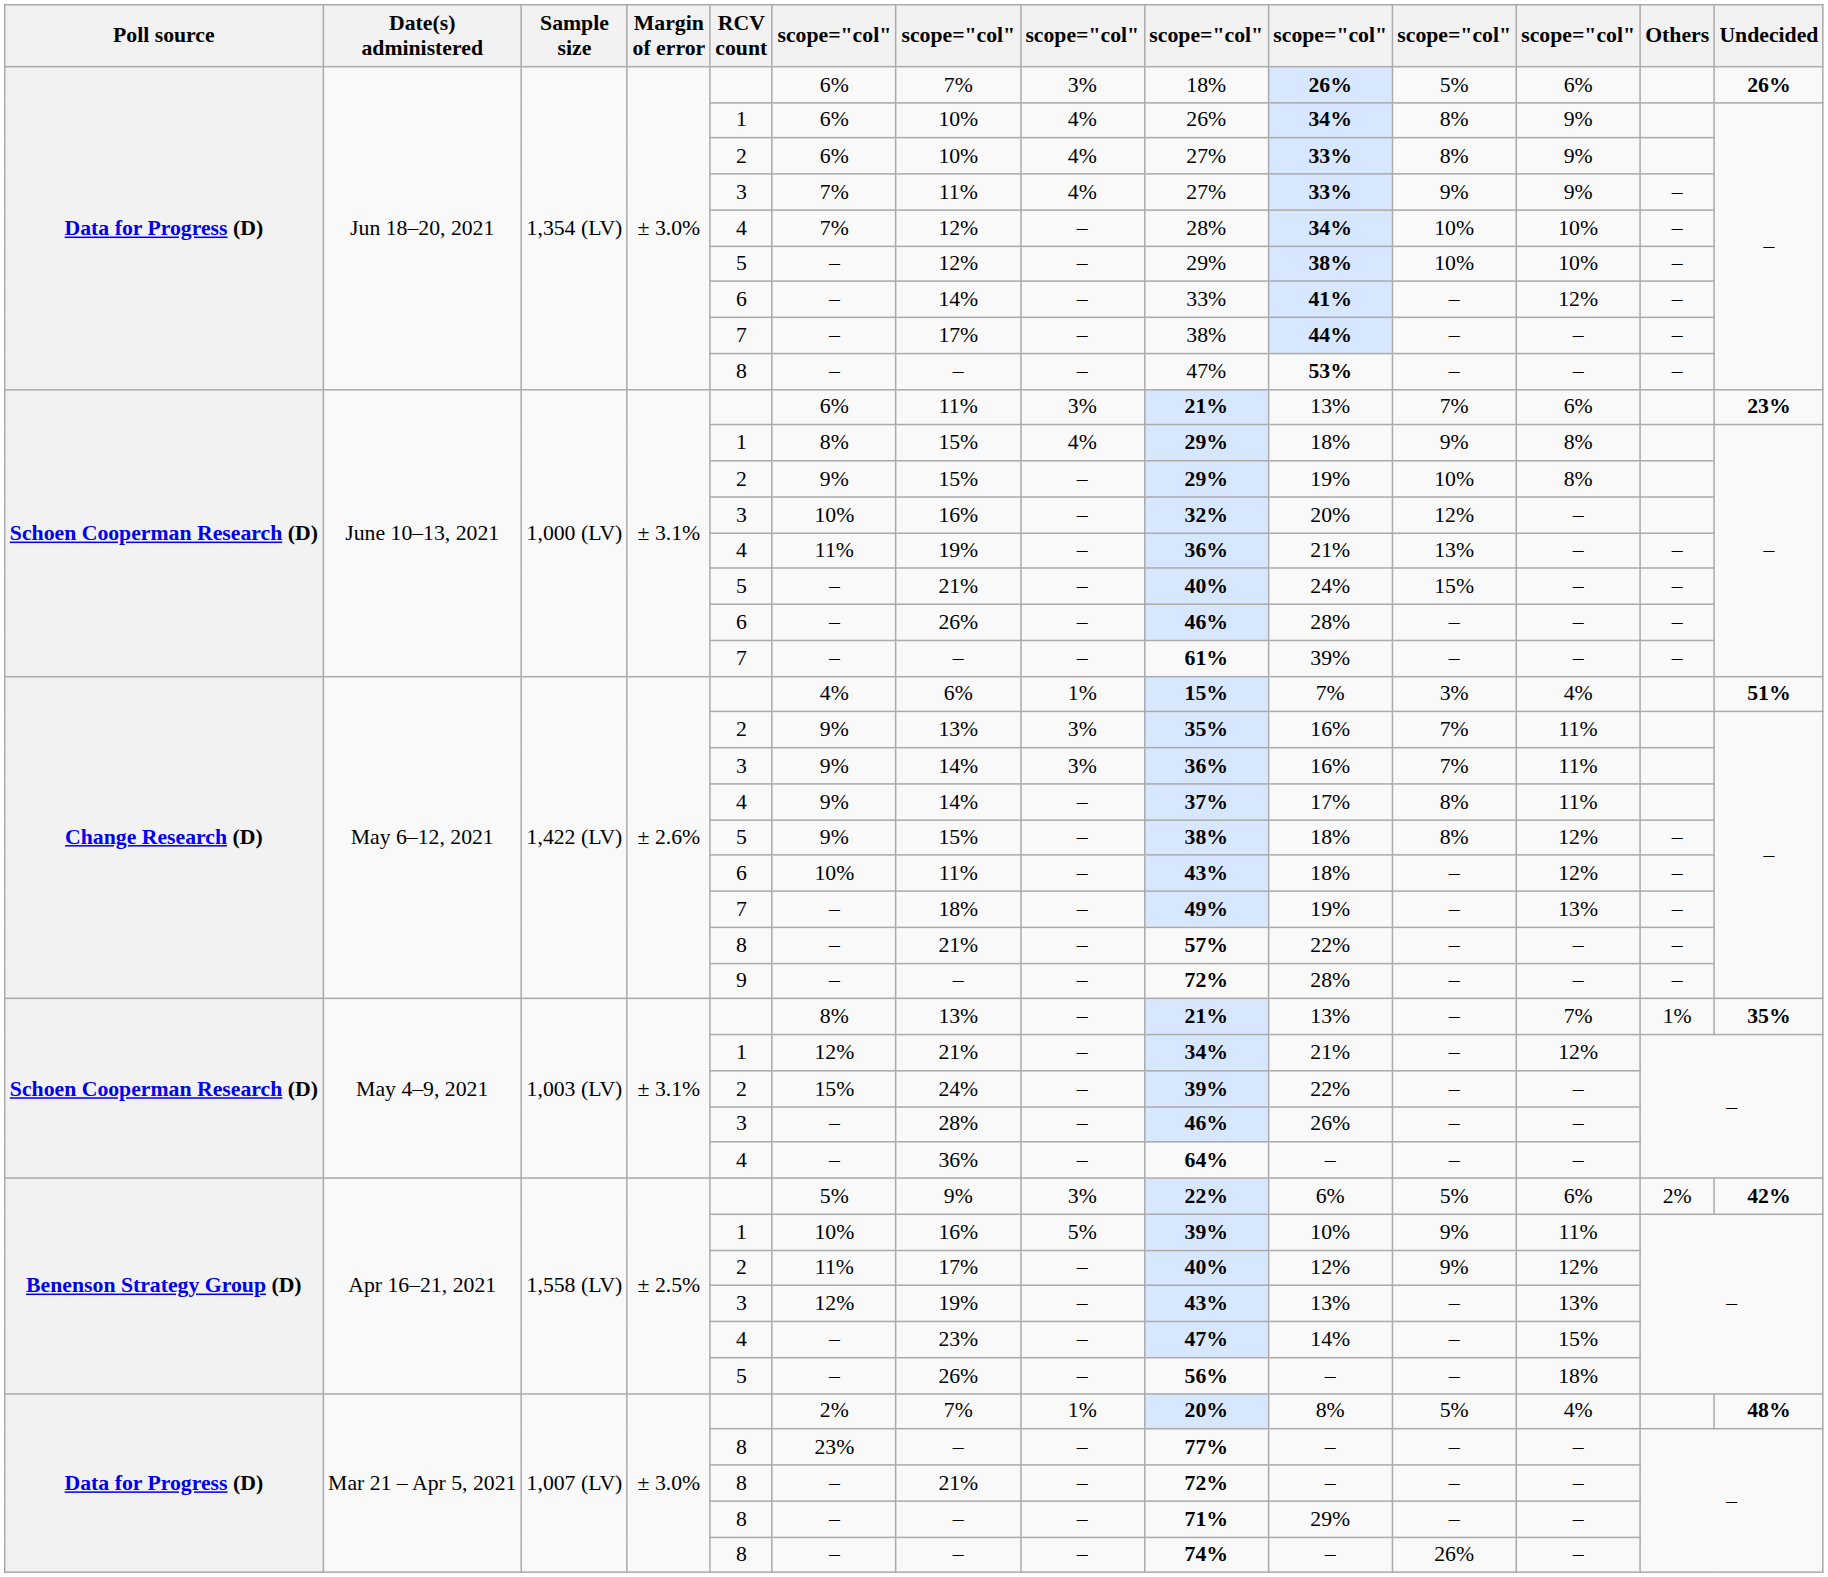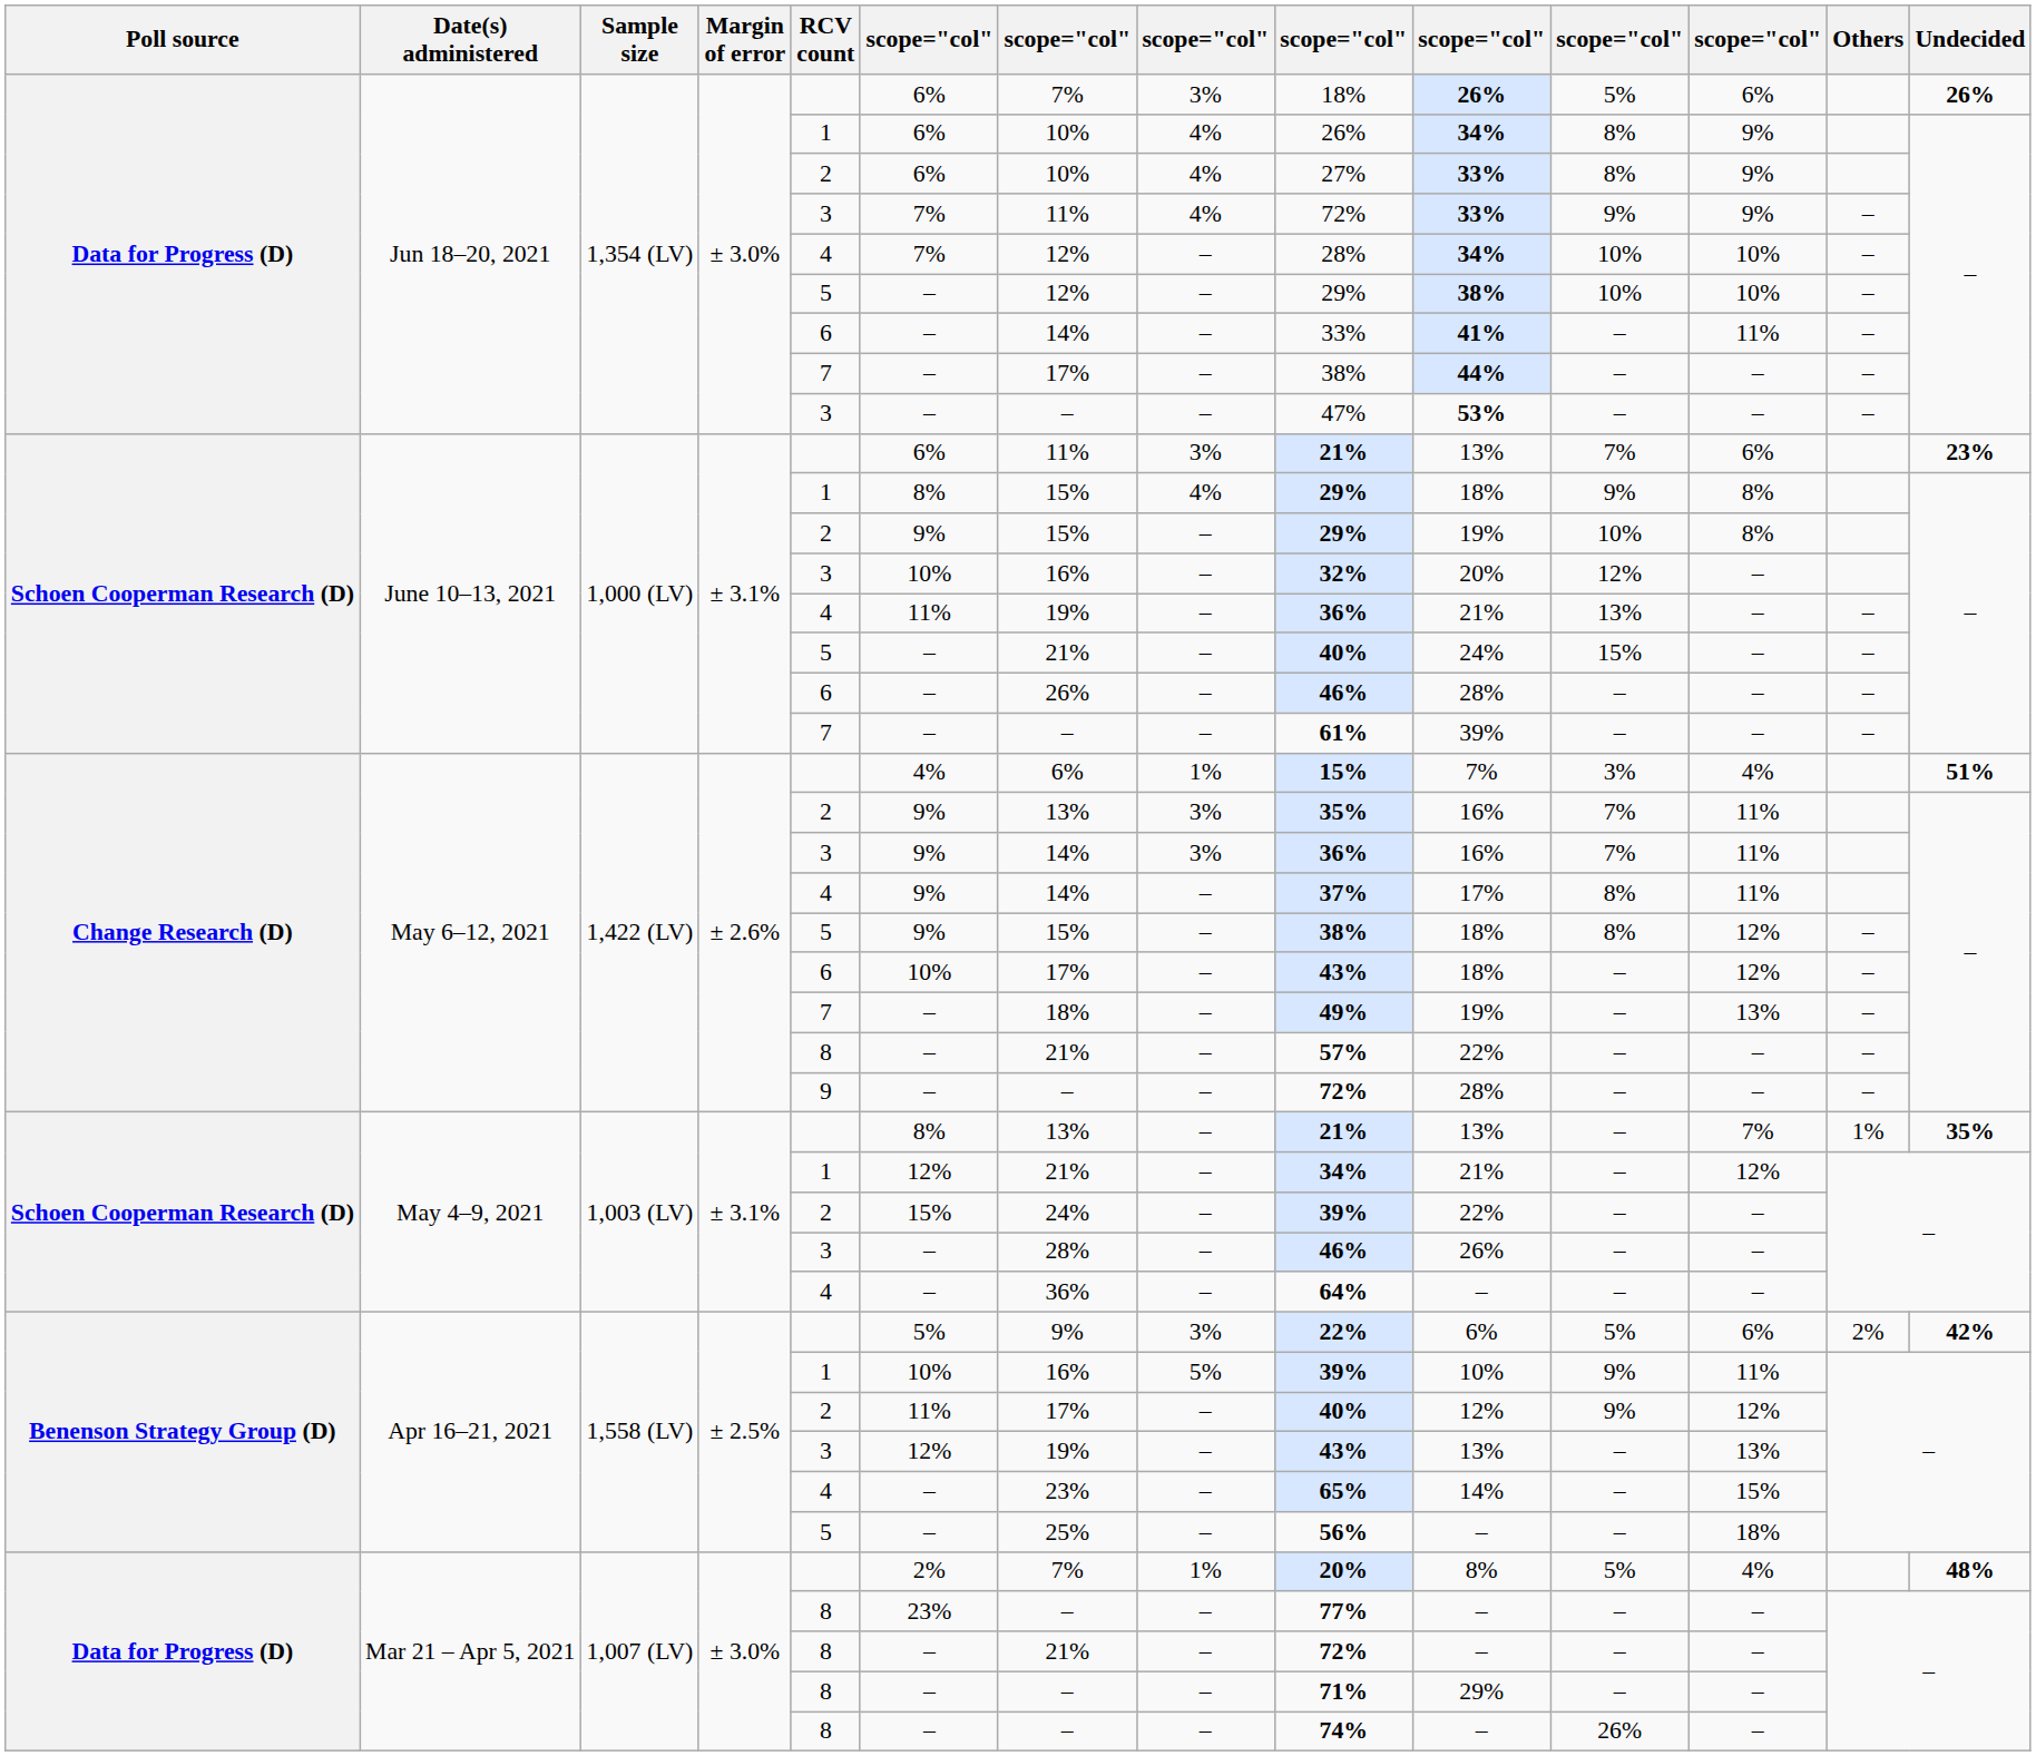 <table class="wikitable plainrowheaders" style="text-align:center; font-size:90%;">
 <tr>
 <th scope="col">Poll source</th>
 <th scope="col">Date(s)<br>administered</th>
 <th scope="col">Sample<br>size</th>
 <th scope="col">Margin<br>of error</th>
 <th scope="col">RCV<br>count</th>
 <th>scope="col" </th>
 <th>scope="col" </th>
 <th>scope="col" </th>
 <th>scope="col" </th>
 <th>scope="col" </th>
 <th>scope="col" </th>
 <th>scope="col" </th>
 <th scope="col">Others</th>
 <th scope="col">Undecided</th>
 </tr>
 <tr>
 <th scope="row" rowspan="9"><a href='#'>Data for Progress</a> (D)</th>
 <td rowspan="9">Jun 18–20, 2021</td>
 <td rowspan="9">1,354 (LV)</td>
 <td rowspan="9">± 3.0%</td>
 <td></td>
 <td>6%</td>
 <td>7%</td>
 <td>3%</td>
 <td>18%</td>
 <td style="background:#d7e7ff"><strong>26%</strong></td>
 <td>5%</td>
 <td>6%</td>
 <td></td>
 <td><strong>26%</strong></td>
 </tr>
 <tr>
 <td>1</td>
 <td>6%</td>
 <td>10%</td>
 <td>4%</td>
 <td>26%</td>
 <td style="background:#d7e7ff"><strong>34%</strong></td>
 <td>8%</td>
 <td>9%</td>
 <td></td>
 <td rowspan="8">–</td>
 </tr>
 <tr>
 <td>2</td>
 <td>6%</td>
 <td>10%</td>
 <td>4%</td>
 <td>27%</td>
 <td style="background:#d7e7ff"><strong>33%</strong></td>
 <td>8%</td>
 <td>9%</td>
 <td></td>
 </tr>
 <tr>
 <td>3</td>
 <td>7%</td>
 <td>11%</td>
 <td>4%</td>
-<td>27%</td>
+<td>72%</td>
 <td style="background:#d7e7ff"><strong>33%</strong></td>
 <td>9%</td>
 <td>9%</td>
 <td>–</td>
 </tr>
 <tr>
 <td>4</td>
 <td>7%</td>
 <td>12%</td>
 <td>–</td>
 <td>28%</td>
 <td style="background:#d7e7ff"><strong>34%</strong></td>
 <td>10%</td>
 <td>10%</td>
 <td>–</td>
 </tr>
 <tr>
 <td>5</td>
 <td>–</td>
 <td>12%</td>
 <td>–</td>
 <td>29%</td>
 <td style="background:#d7e7ff"><strong>38%</strong></td>
 <td>10%</td>
 <td>10%</td>
 <td>–</td>
 </tr>
 <tr>
 <td>6</td>
 <td>–</td>
 <td>14%</td>
 <td>–</td>
 <td>33%</td>
 <td style="background:#d7e7ff"><strong>41%</strong></td>
 <td>–</td>
-<td>12%</td>
+<td>11%</td>
 <td>–</td>
 </tr>
 <tr>
 <td>7</td>
 <td>–</td>
 <td>17%</td>
 <td>–</td>
 <td>38%</td>
 <td style="background:#d7e7ff"><strong>44%</strong></td>
 <td>–</td>
 <td>–</td>
 <td>–</td>
 </tr>
 <tr>
-<td>8</td>
+<td>3</td>
 <td>–</td>
 <td>–</td>
 <td>–</td>
 <td>47%</td>
 <td><strong>53%</strong></td>
 <td>–</td>
 <td>–</td>
 <td>–</td>
 </tr>
 <tr>
 <th scope="row" rowspan="8"><a href='#'>Schoen Cooperman Research</a> (D)</th>
 <td rowspan="8">June 10–13, 2021</td>
 <td rowspan="8">1,000 (LV)</td>
 <td rowspan="8">± 3.1%</td>
 <td></td>
 <td>6%</td>
 <td>11%</td>
 <td>3%</td>
 <td style="background:#d7e7ff"><strong>21%</strong></td>
 <td>13%</td>
 <td>7%</td>
 <td>6%</td>
 <td></td>
 <td><strong>23%</strong></td>
 </tr>
 <tr>
 <td>1</td>
 <td>8%</td>
 <td>15%</td>
 <td>4%</td>
 <td style="background:#d7e7ff"><strong>29%</strong></td>
 <td>18%</td>
 <td>9%</td>
 <td>8%</td>
 <td></td>
 <td rowspan="7">–</td>
 </tr>
 <tr>
 <td>2</td>
 <td>9%</td>
 <td>15%</td>
 <td>–</td>
 <td style="background:#d7e7ff"><strong>29%</strong></td>
 <td>19%</td>
 <td>10%</td>
 <td>8%</td>
 <td></td>
 </tr>
 <tr>
 <td>3</td>
 <td>10%</td>
 <td>16%</td>
 <td>–</td>
 <td style="background:#d7e7ff"><strong>32%</strong></td>
 <td>20%</td>
 <td>12%</td>
 <td>–</td>
 <td></td>
 </tr>
 <tr>
 <td>4</td>
 <td>11%</td>
 <td>19%</td>
 <td>–</td>
 <td style="background:#d7e7ff"><strong>36%</strong></td>
 <td>21%</td>
 <td>13%</td>
 <td>–</td>
 <td>–</td>
 </tr>
 <tr>
 <td>5</td>
 <td>–</td>
 <td>21%</td>
 <td>–</td>
 <td style="background:#d7e7ff"><strong>40%</strong></td>
 <td>24%</td>
 <td>15%</td>
 <td>–</td>
 <td>–</td>
 </tr>
 <tr>
 <td>6</td>
 <td>–</td>
 <td>26%</td>
 <td>–</td>
 <td style="background:#d7e7ff"><strong>46%</strong></td>
 <td>28%</td>
 <td>–</td>
 <td>–</td>
 <td>–</td>
 </tr>
 <tr>
 <td>7</td>
 <td>–</td>
 <td>–</td>
 <td>–</td>
 <td><strong>61%</strong></td>
 <td>39%</td>
 <td>–</td>
 <td>–</td>
 <td>–</td>
 </tr>
 <tr>
 <th scope="row" rowspan="9"><a href='#'>Change Research</a> (D)</th>
 <td rowspan="9">May 6–12, 2021</td>
 <td rowspan="9">1,422 (LV)</td>
 <td rowspan="9">± 2.6%</td>
 <td></td>
 <td>4%</td>
 <td>6%</td>
 <td>1%</td>
 <td style="background:#d7e7ff"><strong>15%</strong></td>
 <td>7%</td>
 <td>3%</td>
 <td>4%</td>
 <td></td>
 <td><strong>51%</strong></td>
 </tr>
 <tr>
 <td>2</td>
 <td>9%</td>
 <td>13%</td>
 <td>3%</td>
 <td style="background:#d7e7ff"><strong>35%</strong></td>
 <td>16%</td>
 <td>7%</td>
 <td>11%</td>
 <td></td>
 <td rowspan="8">–</td>
 </tr>
 <tr>
 <td>3</td>
 <td>9%</td>
 <td>14%</td>
 <td>3%</td>
 <td style="background:#d7e7ff"><strong>36%</strong></td>
 <td>16%</td>
 <td>7%</td>
 <td>11%</td>
 <td></td>
 </tr>
 <tr>
 <td>4</td>
 <td>9%</td>
 <td>14%</td>
 <td>–</td>
 <td style="background:#d7e7ff"><strong>37%</strong></td>
 <td>17%</td>
 <td>8%</td>
 <td>11%</td>
 <td></td>
 </tr>
 <tr>
 <td>5</td>
 <td>9%</td>
 <td>15%</td>
 <td>–</td>
 <td style="background:#d7e7ff"><strong>38%</strong></td>
 <td>18%</td>
 <td>8%</td>
 <td>12%</td>
 <td>–</td>
 </tr>
 <tr>
 <td>6</td>
 <td>10%</td>
-<td>11%</td>
+<td>17%</td>
 <td>–</td>
 <td style="background:#d7e7ff"><strong>43%</strong></td>
 <td>18%</td>
 <td>–</td>
 <td>12%</td>
 <td>–</td>
 </tr>
 <tr>
 <td>7</td>
 <td>–</td>
 <td>18%</td>
 <td>–</td>
 <td style="background:#d7e7ff"><strong>49%</strong></td>
 <td>19%</td>
 <td>–</td>
 <td>13%</td>
 <td>–</td>
 </tr>
 <tr>
 <td>8</td>
 <td>–</td>
 <td>21%</td>
 <td>–</td>
 <td><strong>57%</strong></td>
 <td>22%</td>
 <td>–</td>
 <td>–</td>
 <td>–</td>
 </tr>
 <tr>
 <td>9</td>
 <td>–</td>
 <td>–</td>
 <td>–</td>
 <td><strong>72%</strong></td>
 <td>28%</td>
 <td>–</td>
 <td>–</td>
 <td>–</td>
 </tr>
 <tr>
 <th scope="row" rowspan="5"><a href='#'>Schoen Cooperman Research</a> (D)</th>
 <td rowspan="5">May 4–9, 2021</td>
 <td rowspan="5">1,003 (LV)</td>
 <td rowspan="5">± 3.1%</td>
 <td></td>
 <td>8%</td>
 <td>13%</td>
 <td>–</td>
 <td style="background:#d7e7ff"><strong>21%</strong></td>
 <td>13%</td>
 <td>–</td>
 <td>7%</td>
 <td>1%</td>
 <td><strong>35%</strong></td>
 </tr>
 <tr>
 <td>1</td>
 <td>12%</td>
 <td>21%</td>
 <td>–</td>
 <td style="background:#d7e7ff"><strong>34%</strong></td>
 <td>21%</td>
 <td>–</td>
 <td>12%</td>
 <td rowspan="4" colspan="2">–</td>
 </tr>
 <tr>
 <td>2</td>
 <td>15%</td>
 <td>24%</td>
 <td>–</td>
 <td style="background:#d7e7ff"><strong>39%</strong></td>
 <td>22%</td>
 <td>–</td>
 <td>–</td>
 </tr>
 <tr>
 <td>3</td>
 <td>–</td>
 <td>28%</td>
 <td>–</td>
 <td style="background:#d7e7ff"><strong>46%</strong></td>
 <td>26%</td>
 <td>–</td>
 <td>–</td>
 </tr>
 <tr>
 <td>4</td>
 <td>–</td>
 <td>36%</td>
 <td>–</td>
 <td><strong>64%</strong></td>
 <td>–</td>
 <td>–</td>
 <td>–</td>
 </tr>
 <tr>
 <th scope="row" rowspan="6"><a href='#'>Benenson Strategy Group</a> (D)</th>
 <td rowspan="6">Apr 16–21, 2021</td>
 <td rowspan="6">1,558 (LV)</td>
 <td rowspan="6">± 2.5%</td>
 <td></td>
 <td>5%</td>
 <td>9%</td>
 <td>3%</td>
 <td style="background:#d7e7ff"><strong>22%</strong></td>
 <td>6%</td>
 <td>5%</td>
 <td>6%</td>
 <td>2%</td>
 <td><strong>42%</strong></td>
 </tr>
 <tr>
 <td>1</td>
 <td>10%</td>
 <td>16%</td>
 <td>5%</td>
 <td style="background:#d7e7ff"><strong>39%</strong></td>
 <td>10%</td>
 <td>9%</td>
 <td>11%</td>
 <td rowspan="5" colspan="2">–</td>
 </tr>
 <tr>
 <td>2</td>
 <td>11%</td>
 <td>17%</td>
 <td>–</td>
 <td style="background:#d7e7ff"><strong>40%</strong></td>
 <td>12%</td>
 <td>9%</td>
 <td>12%</td>
 </tr>
 <tr>
 <td>3</td>
 <td>12%</td>
 <td>19%</td>
 <td>–</td>
 <td style="background:#d7e7ff"><strong>43%</strong></td>
 <td>13%</td>
 <td>–</td>
 <td>13%</td>
 </tr>
 <tr>
 <td>4</td>
 <td>–</td>
 <td>23%</td>
 <td>–</td>
-<td style="background:#d7e7ff"><strong>47%</strong></td>
+<td style="background:#d7e7ff"><strong>65%</strong></td>
 <td>14%</td>
 <td>–</td>
 <td>15%</td>
 </tr>
 <tr>
 <td>5</td>
 <td>–</td>
-<td>26%</td>
+<td>25%</td>
 <td>–</td>
 <td><strong>56%</strong></td>
 <td>–</td>
 <td>–</td>
 <td>18%</td>
 </tr>
 <tr>
 <th scope="row" rowspan="5"><a href='#'>Data for Progress</a> (D)</th>
 <td rowspan="5">Mar 21 – Apr 5, 2021</td>
 <td rowspan="5">1,007 (LV)</td>
 <td rowspan="5">± 3.0%</td>
 <td></td>
 <td>2%</td>
 <td>7%</td>
 <td>1%</td>
 <td style="background:#d7e7ff"><strong>20%</strong></td>
 <td>8%</td>
 <td>5%</td>
 <td>4%</td>
 <td></td>
 <td><strong>48%</strong></td>
 </tr>
 <tr>
 <td>8</td>
 <td>23%</td>
 <td>–</td>
 <td>–</td>
 <td><strong>77%</strong></td>
 <td>–</td>
 <td>–</td>
 <td>–</td>
 <td rowspan="4" colspan="2">–</td>
 </tr>
 <tr>
 <td>8</td>
 <td>–</td>
 <td>21%</td>
 <td>–</td>
 <td><strong>72%</strong></td>
 <td>–</td>
 <td>–</td>
 <td>–</td>
 </tr>
 <tr>
 <td>8</td>
 <td>–</td>
 <td>–</td>
 <td>–</td>
 <td><strong>71%</strong></td>
 <td>29%</td>
 <td>–</td>
 <td>–</td>
 </tr>
 <tr>
 <td>8</td>
 <td>–</td>
 <td>–</td>
 <td>–</td>
 <td><strong>74%</strong></td>
 <td>–</td>
 <td>26%</td>
 <td>–</td>
 </tr>
 </table>
